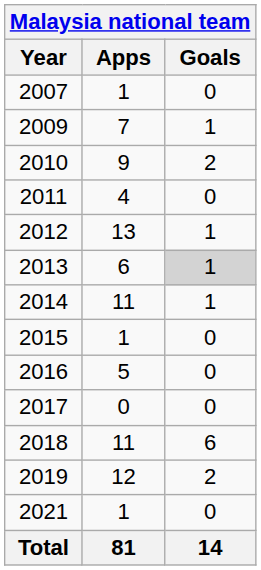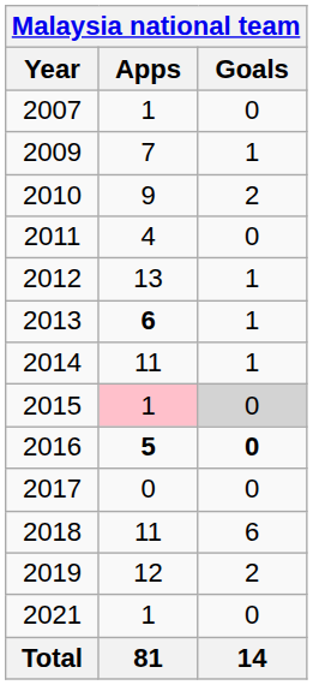 <table class="wikitable" style="text-align:center">
 <tr>
 <th colspan=3><a href='#'>Malaysia national team</a></th>
 </tr>
 <tr>
 <th>Year</th>
 <th>Apps</th>
 <th>Goals</th>
 </tr>
 <tr>
 <td>2007</td>
 <td>1</td>
 <td>0</td>
 </tr>
 <tr>
 <td>2009</td>
 <td>7</td>
 <td>1</td>
 </tr>
 <tr>
 <td>2010</td>
 <td>9</td>
 <td>2</td>
 </tr>
 <tr>
 <td>2011</td>
 <td>4</td>
 <td>0</td>
 </tr>
 <tr>
 <td>2012</td>
 <td>13</td>
 <td>1</td>
 </tr>
 <tr>
 <td>2013</td>
-<td>6</td>
-<td style="background: lightgrey;">1</td>
+<td><strong>6</strong></td>
+<td>1</td>
 </tr>
 <tr>
 <td>2014</td>
 <td>11</td>
 <td>1</td>
 </tr>
 <tr>
 <td>2015</td>
-<td>1</td>
-<td>0</td>
+<td style="background: pink;">1</td>
+<td style="background: lightgrey;">0</td>
 </tr>
 <tr>
 <td>2016</td>
-<td>5</td>
-<td>0</td>
+<td><strong>5</strong></td>
+<td><strong>0</strong></td>
 </tr>
 <tr>
 <td>2017</td>
 <td>0</td>
 <td>0</td>
 </tr>
 <tr>
 <td>2018</td>
 <td>11</td>
 <td>6</td>
 </tr>
 <tr>
 <td>2019</td>
 <td>12</td>
 <td>2</td>
 </tr>
 <tr>
 <td>2021</td>
 <td>1</td>
 <td>0</td>
 </tr>
 <tr>
 <th>Total</th>
 <th>81</th>
 <th>14</th>
 </tr>
 </table>
